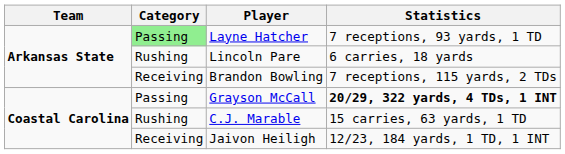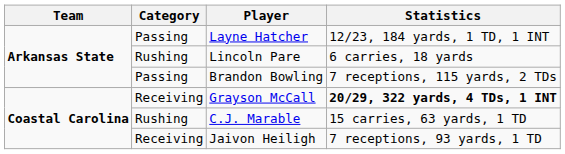 <table class="wikitable" style="float: left;">
 <tr>
 <th>Team</th>
 <th>Category</th>
 <th>Player</th>
 <th>Statistics</th>
 </tr>
 <tr>
 <td rowspan=3><strong>Arkansas State</strong></td>
-<td style="background: lightgreen;">Passing</td>
+<td>Passing</td>
 <td><a href='#'>Layne Hatcher</a></td>
-<td>7 receptions, 93 yards, 1 TD</td>
+<td>12/23, 184 yards, 1 TD, 1 INT</td>
 </tr>
 <tr>
 <td>Rushing</td>
 <td>Lincoln Pare</td>
 <td>6 carries, 18 yards</td>
 </tr>
 <tr>
-<td>Receiving</td>
+<td>Passing</td>
 <td>Brandon Bowling</td>
 <td>7 receptions, 115 yards, 2 TDs</td>
 </tr>
 <tr>
 <td rowspan=3><strong>Coastal Carolina</strong></td>
-<td>Passing</td>
+<td>Receiving</td>
 <td><a href='#'>Grayson McCall</a></td>
 <td><strong>20/29, 322 yards, 4 TDs, 1 INT</strong></td>
 </tr>
 <tr>
 <td>Rushing</td>
 <td><a href='#'>C.J. Marable</a></td>
 <td>15 carries, 63 yards, 1 TD</td>
 </tr>
 <tr>
 <td>Receiving</td>
 <td>Jaivon Heiligh</td>
-<td>12/23, 184 yards, 1 TD, 1 INT</td>
+<td>7 receptions, 93 yards, 1 TD</td>
 </tr>
 </table>
